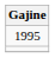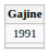 <table class="wikitable" style="margin: 0.5em auto; text-align: center;">
 <tr>
 <th colspan="1">Gajine</th>
 </tr>
 <tr>
-<td>1995</td>
+<td>1991</td>
 </tr>
 <tr>
 <td></td>
 </tr>
 <tr>
 </tr>
 </table>
